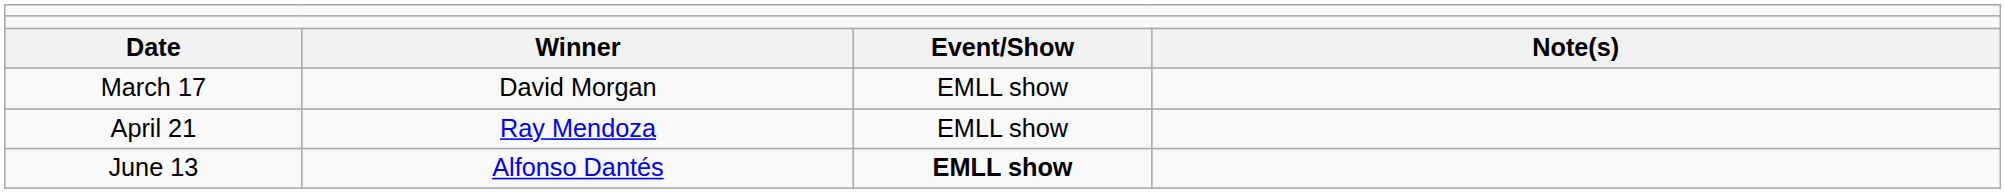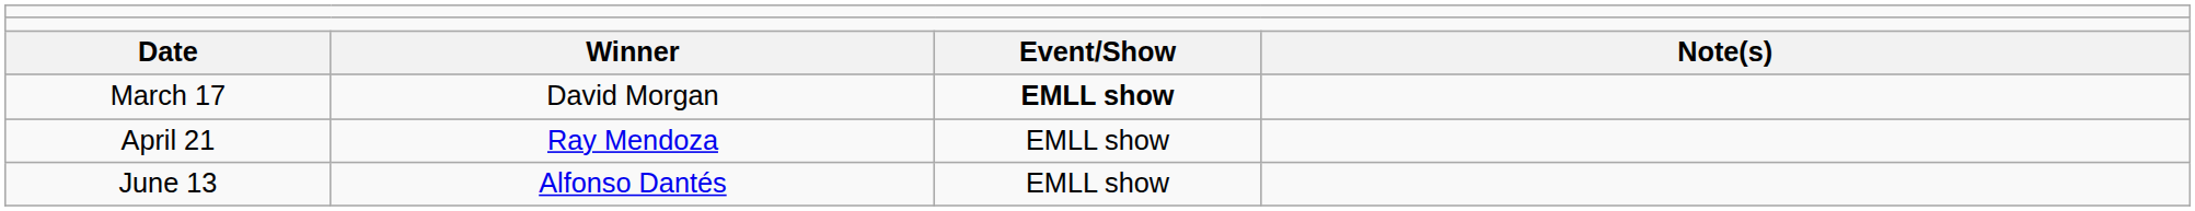 <table class="wikitable" style="text-align:center; width:100%;">
 <tr>
 <td colspan=5></td>
 </tr>
 <tr>
 <td colspan=5><strong></strong></td>
 </tr>
 <tr>
 <th width=14%>Date</th>
 <th width=26%>Winner</th>
 <th width=14%>Event/Show</th>
 <th width=40%>Note(s)</th>
 </tr>
 <tr>
 <td>March 17</td>
 <td>David Morgan</td>
-<td>EMLL show</td>
+<td><strong>EMLL show</strong></td>
 <td></td>
 </tr>
 <tr>
 <td>April 21</td>
 <td><a href='#'>Ray Mendoza</a></td>
 <td>EMLL show</td>
 <td></td>
 </tr>
 <tr>
 <td>June 13</td>
 <td><a href='#'>Alfonso Dantés</a></td>
-<td><strong>EMLL show</strong></td>
+<td>EMLL show</td>
 <td></td>
 </tr>
 </table>
